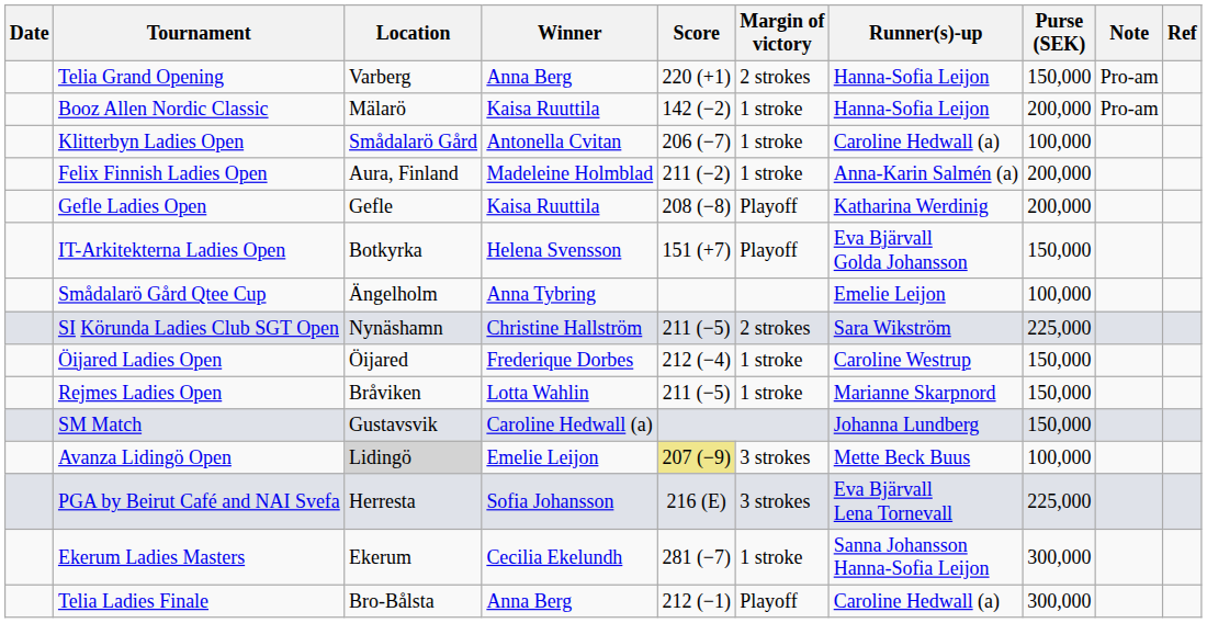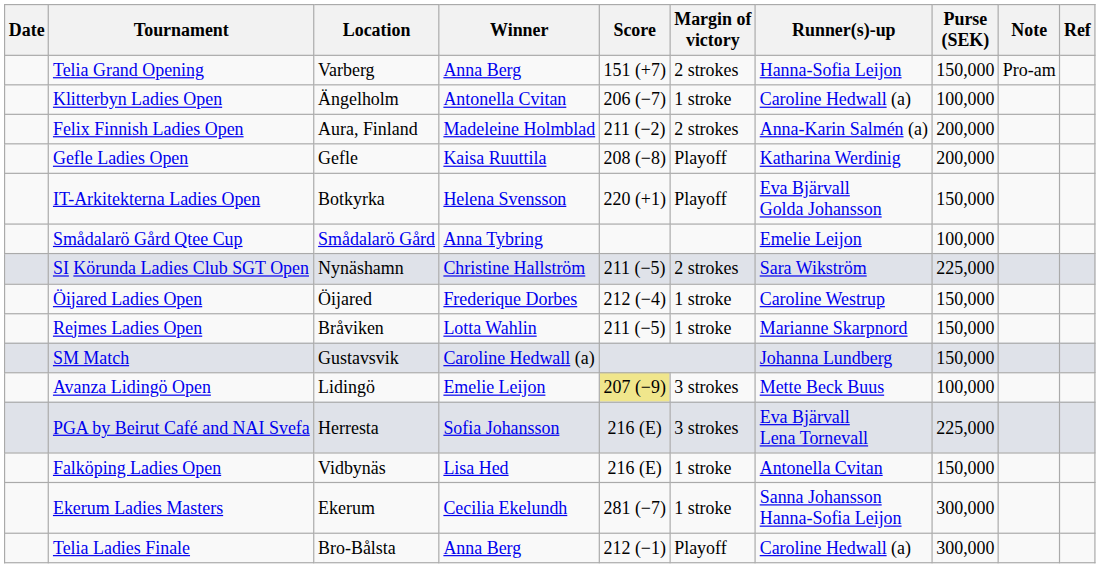 <table class="wikitable" style="font-size:95%;">
 <tr>
 <th>Date</th>
 <th>Tournament</th>
 <th>Location</th>
 <th>Winner</th>
 <th>Score</th>
 <th>Margin of<br>victory</th>
 <th>Runner(s)-up</th>
 <th>Purse<br>(SEK)</th>
 <th>Note</th>
 <th>Ref</th>
 </tr>
 <tr>
 <td></td>
 <td><a href='#'>Telia Grand Opening</a></td>
 <td>Varberg</td>
 <td> <a href='#'>Anna Berg</a></td>
-<td align=center>220 (+1)</td>
+<td align=center>151 (+7)</td>
 <td>2 strokes</td>
 <td> <a href='#'>Hanna-Sofia Leijon</a></td>
 <td align=right>150,000</td>
 <td>Pro-am</td>
 <td></td>
 </tr>
 <tr>
 <td></td>
-<td><a href='#'>Booz Allen Nordic Classic</a></td>
-<td>Mälarö</td>
-<td> <a href='#'>Kaisa Ruuttila</a></td>
-<td align=center>142 (−2)</td>
-<td>1 stroke</td>
-<td> <a href='#'>Hanna-Sofia Leijon</a></td>
-<td align=right>200,000</td>
-<td>Pro-am</td>
-<td></td>
-</tr>
-<tr>
-<td></td>
 <td><a href='#'>Klitterbyn Ladies Open</a></td>
-<td><a href='#'>Smådalarö Gård</a></td>
+<td>Ängelholm</td>
 <td> <a href='#'>Antonella Cvitan</a></td>
 <td align=center>206 (−7)</td>
 <td>1 stroke</td>
 <td> <a href='#'>Caroline Hedwall</a> (a)</td>
 <td align=right>100,000</td>
 <td></td>
 <td></td>
 </tr>
 <tr>
 <td></td>
 <td><a href='#'>Felix Finnish Ladies Open</a></td>
 <td>Aura, Finland</td>
 <td> <a href='#'>Madeleine Holmblad</a></td>
 <td align=center>211 (−2)</td>
-<td>1 stroke</td>
+<td>2 strokes</td>
 <td> <a href='#'>Anna-Karin Salmén</a> (a)</td>
 <td align=right>200,000</td>
 <td></td>
 <td></td>
 </tr>
 <tr>
 <td></td>
 <td><a href='#'>Gefle Ladies Open</a></td>
 <td>Gefle</td>
 <td> <a href='#'>Kaisa Ruuttila</a></td>
 <td align=center>208 (−8)</td>
 <td>Playoff</td>
 <td> <a href='#'>Katharina Werdinig</a></td>
 <td align=right>200,000</td>
 <td></td>
 <td></td>
 </tr>
 <tr>
 <td></td>
 <td><a href='#'>IT-Arkitekterna Ladies Open</a></td>
 <td>Botkyrka</td>
 <td> <a href='#'>Helena Svensson</a></td>
-<td align=center>151 (+7)</td>
+<td align=center>220 (+1)</td>
 <td>Playoff</td>
 <td> <a href='#'>Eva Bjärvall</a><br> <a href='#'>Golda Johansson</a></td>
 <td align=right>150,000</td>
 <td></td>
 <td></td>
 </tr>
 <tr>
 <td></td>
 <td><a href='#'>Smådalarö Gård Qtee Cup</a></td>
-<td>Ängelholm</td>
+<td><a href='#'>Smådalarö Gård</a></td>
 <td> <a href='#'>Anna Tybring </a></td>
 <td align=center></td>
 <td></td>
 <td> <a href='#'>Emelie Leijon</a></td>
 <td align=right>100,000</td>
 <td></td>
 <td></td>
 </tr>
 <tr style="background:#dfe2e9;">
 <td></td>
 <td><a href='#'>SI</a> <a href='#'>Körunda Ladies Club SGT Open</a></td>
 <td>Nynäshamn</td>
 <td> <a href='#'>Christine Hallström</a></td>
 <td align=center>211 (−5)</td>
 <td>2 strokes</td>
 <td> <a href='#'>Sara Wikström</a></td>
 <td align=right>225,000</td>
 <td></td>
 <td></td>
 </tr>
 <tr>
 <td></td>
 <td><a href='#'>Öijared Ladies Open</a></td>
 <td>Öijared</td>
 <td> <a href='#'>Frederique Dorbes</a></td>
 <td align=center>212 (−4)</td>
 <td>1 stroke</td>
 <td> <a href='#'>Caroline Westrup</a></td>
 <td align=right>150,000</td>
 <td></td>
 <td></td>
 </tr>
 <tr>
 <td></td>
 <td><a href='#'>Rejmes Ladies Open</a></td>
 <td>Bråviken</td>
 <td> <a href='#'>Lotta Wahlin</a></td>
 <td align=center>211 (−5)</td>
 <td>1 stroke</td>
 <td> <a href='#'>Marianne Skarpnord</a></td>
 <td align=right>150,000</td>
 <td></td>
 <td></td>
 </tr>
 <tr style="background:#dfe2e9;">
 <td></td>
 <td><a href='#'>SM Match</a></td>
 <td>Gustavsvik</td>
 <td> <a href='#'>Caroline Hedwall</a> (a)</td>
 <td colspan=2 align=center></td>
 <td> <a href='#'>Johanna Lundberg</a></td>
 <td align=right>150,000</td>
 <td></td>
 <td></td>
 </tr>
 <tr>
 <td></td>
 <td><a href='#'>Avanza Lidingö Open</a></td>
-<td style="background: lightgrey;">Lidingö</td>
+<td>Lidingö</td>
 <td> <a href='#'>Emelie Leijon</a></td>
 <td align=center style="background: khaki;">207 (−9)</td>
 <td>3 strokes</td>
 <td> <a href='#'>Mette Beck Buus</a></td>
 <td align=right>100,000</td>
 <td></td>
 <td></td>
 </tr>
 <tr style="background:#dfe2e9;">
 <td></td>
 <td><a href='#'>PGA by Beirut Café and NAI Svefa</a></td>
 <td>Herresta</td>
 <td> <a href='#'>Sofia Johansson</a></td>
 <td align=center>216 (E)</td>
 <td>3 strokes</td>
 <td> <a href='#'>Eva Bjärvall</a><br> <a href='#'>Lena Tornevall</a></td>
 <td align=right>225,000</td>
+<td></td>
+<td></td>
+</tr>
+<tr>
+<td></td>
+<td><a href='#'>Falköping Ladies Open</a></td>
+<td>Vidbynäs</td>
+<td> <a href='#'>Lisa Hed</a></td>
+<td align=center>216 (E)</td>
+<td>1 stroke</td>
+<td> <a href='#'>Antonella Cvitan</a></td>
+<td align=right>150,000</td>
 <td></td>
 <td></td>
 </tr>
 <tr>
 <td></td>
 <td><a href='#'>Ekerum Ladies Masters</a></td>
 <td>Ekerum</td>
 <td> <a href='#'>Cecilia Ekelundh</a></td>
 <td align=center>281 (−7)</td>
 <td>1 stroke</td>
 <td> <a href='#'>Sanna Johansson</a><br> <a href='#'>Hanna-Sofia Leijon</a></td>
 <td align=right>300,000</td>
 <td></td>
 <td></td>
 </tr>
 <tr>
 <td></td>
 <td><a href='#'>Telia Ladies Finale</a></td>
 <td>Bro-Bålsta</td>
 <td> <a href='#'>Anna Berg</a></td>
 <td align=center>212 (−1)</td>
 <td>Playoff</td>
 <td> <a href='#'>Caroline Hedwall</a> (a)</td>
 <td align=right>300,000</td>
 <td></td>
 <td></td>
 </tr>
 </table>
